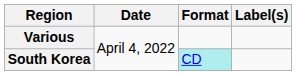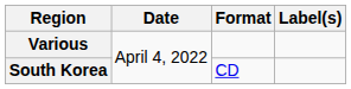 <table class="wikitable plainrowheaders">
 <tr>
 <th scope="col">Region</th>
 <th scope="col">Date</th>
 <th scope="col">Format</th>
 <th scope="col">Label(s)</th>
 </tr>
 <tr>
 <th scope="row">Various</th>
 <td rowspan="2">April 4, 2022</td>
 <td></td>
 <td></td>
 </tr>
 <tr>
 <th scope="row">South Korea</th>
-<td style="background: paleturquoise;"><a href='#'>CD</a></td>
+<td><a href='#'>CD</a></td>
 <td></td>
 </tr>
 </table>
